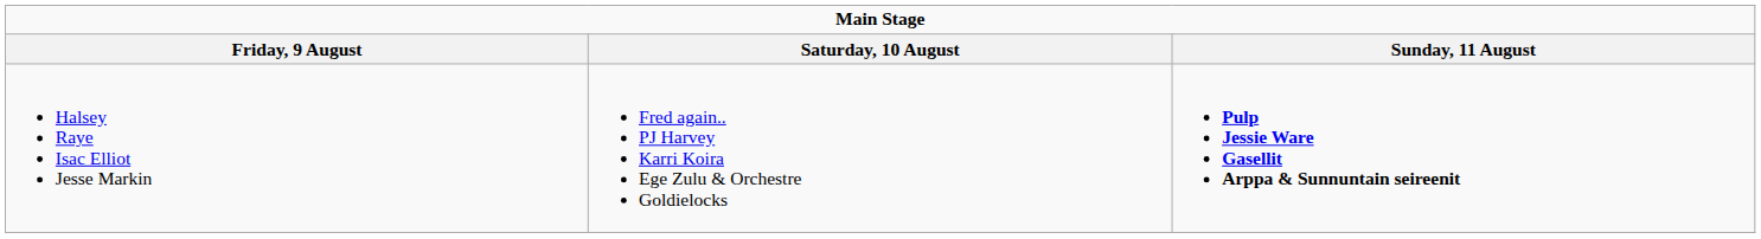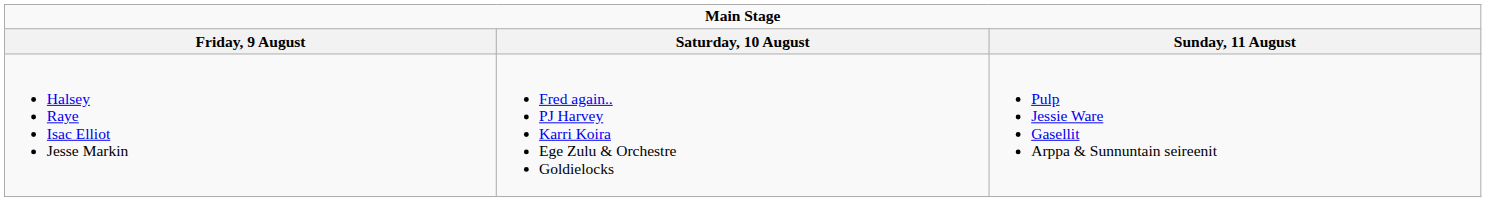 <table class="wikitable">
 <tr>
 <td colspan="4" align="center"><strong>Main Stage</strong></td>
 </tr>
 <tr>
 <th width="500">Friday, 9 August</th>
 <th width="500">Saturday, 10 August</th>
 <th width="500">Sunday, 11 August</th>
 </tr>
 <tr valign="top">
 <td><br><ul><li><a href='#'>Halsey</a></li><li><a href='#'>Raye</a></li><li><a href='#'>Isac Elliot</a></li><li>Jesse Markin</li></ul></td>
 <td><br><ul><li><a href='#'>Fred again..</a></li><li><a href='#'>PJ Harvey</a></li><li><a href='#'>Karri Koira</a></li><li>Ege Zulu & Orchestre</li><li>Goldielocks</li></ul></td>
-<td><strong><br><ul><li><a href='#'>Pulp</a></li><li><a href='#'>Jessie Ware</a></li><li><a href='#'>Gasellit</a></li><li>Arppa & Sunnuntain seireenit</li></ul></strong></td>
+<td><br><ul><li><a href='#'>Pulp</a></li><li><a href='#'>Jessie Ware</a></li><li><a href='#'>Gasellit</a></li><li>Arppa & Sunnuntain seireenit</li></ul></td>
 </tr>
 </table>
